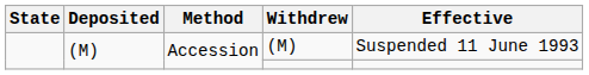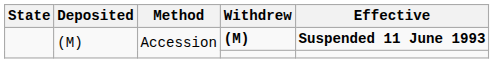 <table class="wikitable">
 <tr>
 <th>State</th>
 <th>Deposited</th>
 <th>Method</th>
 <th>Withdrew</th>
 <th>Effective</th>
 </tr>
 <tr>
 <td rowspan=2></td>
 <td rowspan=2> (M)</td>
 <td rowspan=2>Accession</td>
-<td> (M)</td>
-<td>Suspended 11 June 1993</td>
+<td><strong> (M)</strong></td>
+<td><strong>Suspended 11 June 1993</strong></td>
 </tr>
 <tr>
 <td></td>
 <td></td>
 </tr>
 </table>
